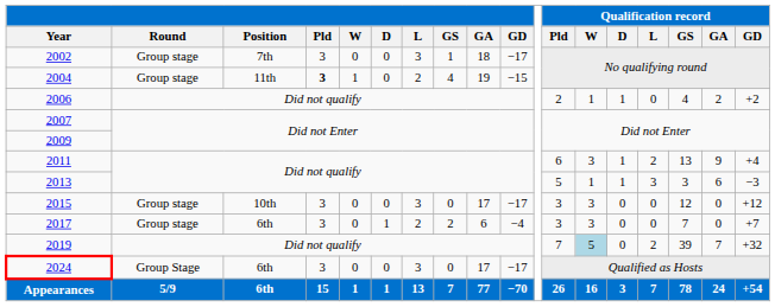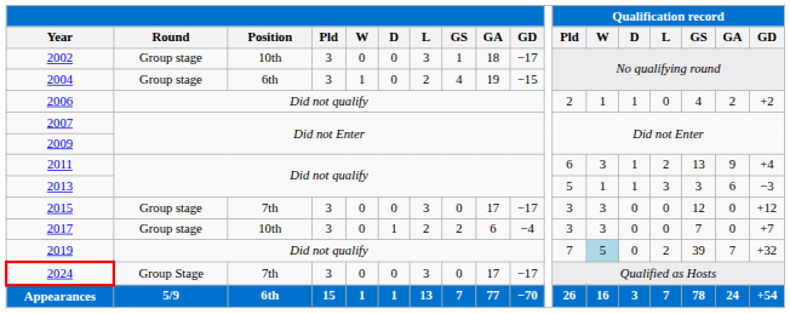 <table class="wikitable" style="text-align: center;font-size:90%;">
 <tr>
 <th colspan="10" style="background: #0072CE; color: #FFFFFF;"><a href='#'></a></th>
 <th style="width:1%;background:white" rowspan="15"></th>
 <th colspan="7" style="color:white; background:#0072CE;">Qualification record</th>
 </tr>
 <tr>
 <th width=125>Year</th>
 <th width=150>Round</th>
 <th width=100>Position</th>
 <th width=35>Pld</th>
 <th width=35>W</th>
 <th width=35>D</th>
 <th width=35>L</th>
 <th width=35>GS</th>
 <th width=35>GA</th>
 <th width=35>GD</th>
 <th width=35>Pld</th>
 <th width=35>W</th>
 <th width=35>D</th>
 <th width=35>L</th>
 <th width=35>GS</th>
 <th width=35>GA</th>
 <th width=35>GD</th>
 </tr>
 <tr>
 <td> <a href='#'>2002</a></td>
 <td>Group stage</td>
-<td>7th</td>
+<td>10th</td>
 <td>3</td>
 <td>0</td>
 <td>0</td>
 <td>3</td>
 <td>1</td>
 <td>18</td>
 <td>−17</td>
 <td colspan="7" rowspan="2" style="background:#ececec;"><em>No qualifying round</em></td>
 </tr>
 <tr>
 <td> <a href='#'>2004</a></td>
 <td>Group stage</td>
-<td>11th</td>
-<td><strong>3</strong></td>
+<td>6th</td>
+<td>3</td>
 <td>1</td>
 <td>0</td>
 <td>2</td>
 <td>4</td>
 <td>19</td>
 <td>−15</td>
 </tr>
 <tr>
 <td> <a href='#'>2006</a></td>
 <td colspan="9"><em>Did not qualify</em></td>
 <td>2</td>
 <td>1</td>
 <td>1</td>
 <td>0</td>
 <td>4</td>
 <td>2</td>
 <td>+2</td>
 </tr>
 <tr>
 <td> <a href='#'>2007</a></td>
 <td colspan="9" rowspan="2"><em>Did not Enter</em></td>
 <td colspan="7" rowspan="2"><em>Did not Enter</em></td>
 </tr>
 <tr>
 <td> <a href='#'>2009</a></td>
 </tr>
 <tr>
 <td> <a href='#'>2011</a></td>
 <td colspan="9" rowspan="2"><em>Did not qualify</em></td>
 <td>6</td>
 <td>3</td>
 <td>1</td>
 <td>2</td>
 <td>13</td>
 <td>9</td>
 <td>+4</td>
 </tr>
 <tr>
 <td> <a href='#'>2013</a></td>
 <td>5</td>
 <td>1</td>
 <td>1</td>
 <td>3</td>
 <td>3</td>
 <td>6</td>
 <td>−3</td>
 </tr>
 <tr>
 <td> <a href='#'>2015</a></td>
 <td>Group stage</td>
-<td>10th</td>
+<td>7th</td>
 <td>3</td>
 <td>0</td>
 <td>0</td>
 <td>3</td>
 <td>0</td>
 <td>17</td>
 <td>−17</td>
 <td>3</td>
 <td>3</td>
 <td>0</td>
 <td>0</td>
 <td>12</td>
 <td>0</td>
 <td>+12</td>
 </tr>
 <tr>
 <td> <a href='#'>2017</a></td>
 <td>Group stage</td>
-<td>6th</td>
+<td>10th</td>
 <td>3</td>
 <td>0</td>
 <td>1</td>
 <td>2</td>
 <td>2</td>
 <td>6</td>
 <td>−4</td>
 <td>3</td>
 <td>3</td>
 <td>0</td>
 <td>0</td>
 <td>7</td>
 <td>0</td>
 <td>+7</td>
 </tr>
 <tr>
 <td> <a href='#'>2019</a></td>
 <td colspan="9"><em>Did not qualify</em></td>
 <td>7</td>
 <td style="background: lightblue;">5</td>
 <td>0</td>
 <td>2</td>
 <td>39</td>
 <td>7</td>
 <td>+32</td>
 </tr>
 <tr>
 <td style="border:3px solid red;"> <a href='#'>2024</a></td>
 <td>Group Stage</td>
-<td>6th</td>
+<td>7th</td>
 <td>3</td>
 <td>0</td>
 <td>0</td>
 <td>3</td>
 <td>0</td>
 <td>17</td>
 <td>−17</td>
 <td colspan="7" style="background:#ececec;"><em>Qualified as Hosts</em></td>
 </tr>
 <tr>
 <td colspan=1 style="background: #0072CE; color: #FFFFFF;"><strong>Appearances</strong></td>
 <td style="background: #0072CE; color: #FFFFFF;"><strong>5/9</strong></td>
 <td style="background: #0072CE; color: #FFFFFF;"><strong>6th</strong></td>
 <td style="background: #0072CE; color: #FFFFFF;"><strong>15</strong></td>
 <td style="background: #0072CE; color: #FFFFFF;"><strong>1</strong></td>
 <td style="background: #0072CE; color: #FFFFFF;"><strong>1</strong></td>
 <td style="background: #0072CE; color: #FFFFFF;"><strong>13</strong></td>
 <td style="background: #0072CE; color: #FFFFFF;"><strong>7</strong></td>
 <td style="background: #0072CE; color: #FFFFFF;"><strong>77</strong></td>
 <td style="background: #0072CE; color: #FFFFFF;"><strong>−70</strong></td>
 <td style="background: #0072CE; color: #FFFFFF;"><strong>26</strong></td>
 <td style="background: #0072CE; color: #FFFFFF;"><strong>16</strong></td>
 <td style="background: #0072CE; color: #FFFFFF;"><strong>3</strong></td>
 <td style="background: #0072CE; color: #FFFFFF;"><strong>7</strong></td>
 <td style="background: #0072CE; color: #FFFFFF;"><strong>78</strong></td>
 <td style="background: #0072CE; color: #FFFFFF;"><strong>24</strong></td>
 <td style="background: #0072CE; color: #FFFFFF;"><strong>+54</strong></td>
 </tr>
 </table>
